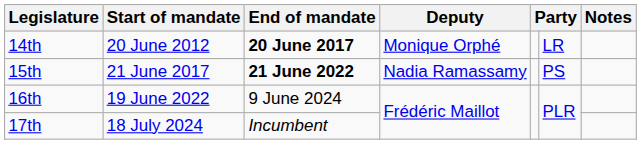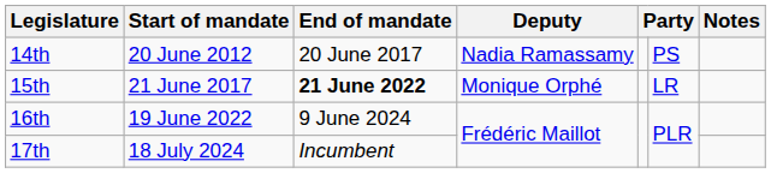 <table class="wikitable">
 <tr>
 <th>Legislature</th>
 <th>Start of mandate</th>
 <th>End of mandate</th>
 <th>Deputy</th>
 <th colspan="2">Party</th>
 <th>Notes</th>
 </tr>
 <tr>
 <td><a href='#'>14th</a></td>
 <td><a href='#'>20 June 2012</a></td>
-<td><strong>20 June 2017</strong></td>
-<td><a href='#'>Monique Orphé</a></td>
+<td>20 June 2017</td>
+<td><a href='#'>Nadia Ramassamy</a></td>
 <td style="color:inherit;background-color:"></td>
-<td><a href='#'>LR</a></td>
+<td><a href='#'>PS</a></td>
 <td></td>
 </tr>
 <tr>
 <td><a href='#'>15th</a></td>
 <td><a href='#'>21 June 2017</a></td>
 <td><strong>21 June 2022</strong></td>
-<td><a href='#'>Nadia Ramassamy</a></td>
+<td><a href='#'>Monique Orphé</a></td>
 <td style="color:inherit;background:"></td>
-<td><a href='#'>PS</a></td>
+<td><a href='#'>LR</a></td>
 <td></td>
 </tr>
 <tr>
 <td><a href='#'>16th</a></td>
 <td><a href='#'>19 June 2022</a></td>
 <td>9 June 2024</td>
 <td rowspan="2"><a href='#'>Frédéric Maillot</a></td>
 <td rowspan="2" style="color:inherit;background-color: "></td>
 <td rowspan="2"><a href='#'>PLR</a></td>
 <td></td>
 </tr>
 <tr>
 <td><a href='#'>17th</a></td>
 <td><a href='#'>18 July 2024</a></td>
 <td><em>Incumbent</em></td>
 <td></td>
 </tr>
 </table>
